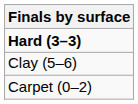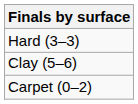 <table class=wikitable style=font-size:90%>
 <tr>
 <th>Finals by surface</th>
 </tr>
 <tr>
-<td><strong>Hard (3–3)</strong></td>
+<td>Hard (3–3)</td>
 </tr>
 <tr>
 <td>Clay (5–6)</td>
 </tr>
 <tr>
 <td>Carpet (0–2)</td>
 </tr>
 </table>
